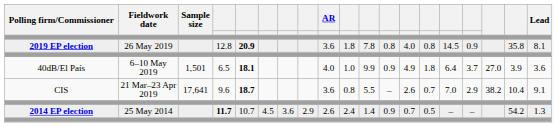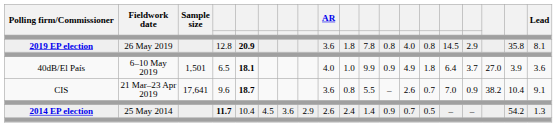 <table class="wikitable collapsible collapsed" style="text-align:center; font-size:90%; line-height:14px;">
 <tr style="height:42px;">
 <th style="width:250px;" rowspan="2">Polling firm/Commissioner</th>
 <th style="width:125px;" rowspan="2">Fieldwork date</th>
 <th style="width:50px;" rowspan="2">Sample size</th>
 <th style="width:35px;"></th>
 <th style="width:35px;"></th>
 <th style="width:35px;"></th>
 <th style="width:35px;"></th>
 <th style="width:35px;"></th>
 <th style="width:35px;"><a href='#'>AR</a></th>
 <th style="width:35px;"></th>
 <th style="width:35px;"></th>
 <th style="width:35px;"></th>
 <th style="width:35px;"></th>
 <th style="width:35px;"></th>
 <th style="width:35px;"></th>
 <th style="width:35px;"></th>
 <th style="width:35px;" rowspan="2"></th>
 <th style="width:35px;" rowspan="2"></th>
 <th style="width:30px;" rowspan="2">Lead</th>
 </tr>
 <tr>
 <th style="color:inherit;background:"></th>
 <th style="color:inherit;background:"></th>
 <th style="color:inherit;background:"></th>
 <th style="color:inherit;background:"></th>
 <th style="color:inherit;background:"></th>
 <th style="color:inherit;background:"></th>
 <th style="color:inherit;background:"></th>
 <th style="color:inherit;background:"></th>
 <th style="color:inherit;background:"></th>
 <th style="color:inherit;background:"></th>
 <th style="color:inherit;background:"></th>
 <th style="color:inherit;background:"></th>
 <th style="color:inherit;background:"></th>
 </tr>
 <tr>
 <td colspan="19" style="background:#A0A0A0"></td>
 </tr>
 <tr style="background:#EFEFEF;">
 <td><strong><a href='#'>2019 EP election</a></strong></td>
 <td>26 May 2019</td>
 <td></td>
 <td>12.8</td>
 <td><strong>20.9</strong></td>
 <td></td>
 <td></td>
 <td></td>
 <td>3.6</td>
 <td>1.8</td>
 <td>7.8</td>
 <td>0.8</td>
 <td>4.0</td>
 <td>0.8</td>
 <td>14.5</td>
-<td>0.9</td>
+<td>2.9</td>
 <td></td>
 <td>35.8</td>
 <td style="background:">8.1</td>
 </tr>
 <tr>
 <td colspan="19" style="background:#A0A0A0"></td>
 </tr>
 <tr>
 <td>40dB/El País</td>
 <td>6–10 May 2019</td>
 <td>1,501</td>
 <td>6.5</td>
 <td><strong>18.1</strong></td>
 <td></td>
 <td></td>
 <td></td>
 <td>4.0</td>
 <td>1.0</td>
 <td>9.9</td>
 <td>0.9</td>
 <td>4.9</td>
 <td>1.8</td>
 <td>6.4</td>
 <td>3.7</td>
 <td>27.0</td>
 <td>3.9</td>
 <td style="background:">3.6</td>
 </tr>
 <tr>
 <td>CIS</td>
 <td>21 Mar–23 Apr 2019</td>
 <td>17,641</td>
 <td>9.6</td>
 <td><strong>18.7</strong></td>
 <td></td>
 <td></td>
 <td></td>
 <td>3.6</td>
 <td>0.8</td>
 <td>5.5</td>
 <td>–</td>
 <td>2.6</td>
 <td>0.7</td>
 <td>7.0</td>
-<td>2.9</td>
+<td>0.9</td>
 <td>38.2</td>
 <td>10.4</td>
 <td style="background:">9.1</td>
 </tr>
 <tr>
 <td colspan="19" style="background:#A0A0A0"></td>
 </tr>
 <tr style="background:#EFEFEF;">
 <td><strong><a href='#'>2014 EP election</a></strong></td>
 <td>25 May 2014</td>
 <td></td>
 <td><strong>11.7</strong></td>
-<td>10.7</td>
+<td>10.4</td>
 <td>4.5</td>
 <td>3.6</td>
 <td>2.9</td>
 <td>2.6</td>
 <td>2.4</td>
 <td>1.4</td>
 <td>0.9</td>
 <td>0.7</td>
 <td>0.5</td>
 <td>–</td>
 <td>–</td>
 <td></td>
 <td>54.2</td>
 <td style="background:">1.3</td>
 </tr>
 <tr>
 <td colspan="19" style="background:#A0A0A0"></td>
 </tr>
 </table>
